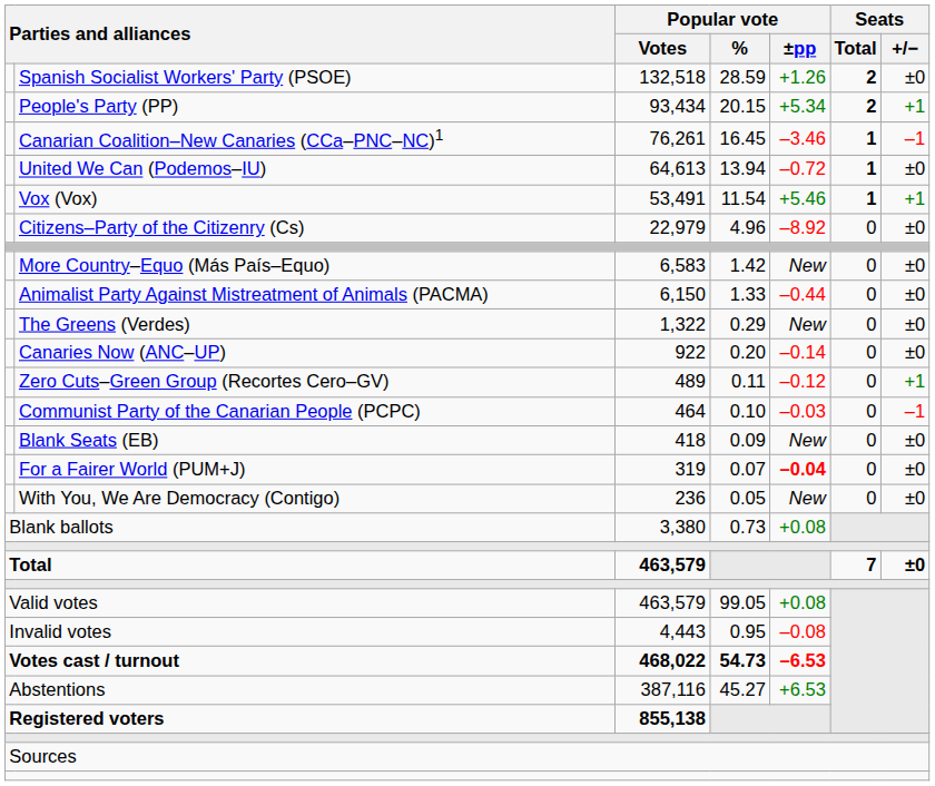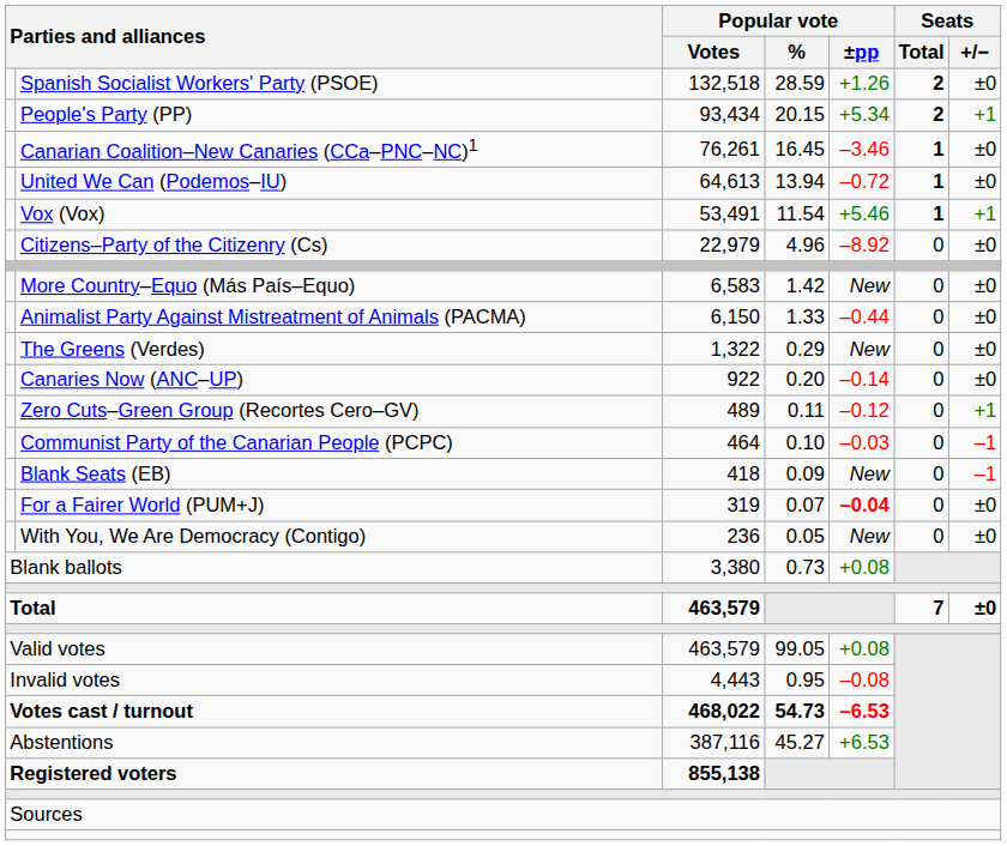 <table class="wikitable" style="text-align:right;">
 <tr>
 <th style="text-align:left;" rowspan="2" colspan="2" width="525">Parties and alliances</th>
 <th colspan="3">Popular vote</th>
 <th colspan="2">Seats</th>
 </tr>
 <tr>
 <th width="75">Votes</th>
 <th width="45">%</th>
 <th width="45">±<a href='#'>pp</a></th>
 <th width="35">Total</th>
 <th width="35">+/−</th>
 </tr>
 <tr>
 <td width="1" style="color:inherit;background:"></td>
 <td align="left"><a href='#'>Spanish Socialist Workers' Party</a> (PSOE)</td>
 <td>132,518</td>
 <td>28.59</td>
 <td style="color:green;">+1.26</td>
 <td><strong>2</strong></td>
 <td>±0</td>
 </tr>
 <tr>
 <td style="color:inherit;background:"></td>
 <td align="left"><a href='#'>People's Party</a> (PP)</td>
 <td>93,434</td>
 <td>20.15</td>
 <td style="color:green;">+5.34</td>
 <td><strong>2</strong></td>
 <td style="color:green;">+1</td>
 </tr>
 <tr>
 <td style="color:inherit;background:"></td>
 <td align="left"><a href='#'>Canarian Coalition–New Canaries</a> (<a href='#'>CCa</a>–<a href='#'>PNC</a>–<a href='#'>NC</a>)<sup>1</sup></td>
 <td>76,261</td>
 <td>16.45</td>
 <td style="color:red;">–3.46</td>
 <td><strong>1</strong></td>
-<td style="color:red;">–1</td>
+<td>±0</td>
 </tr>
 <tr>
 <td style="color:inherit;background:"></td>
 <td align="left"><a href='#'>United We Can</a> (<a href='#'>Podemos</a>–<a href='#'>IU</a>)</td>
 <td>64,613</td>
 <td>13.94</td>
 <td style="color:red;">–0.72</td>
 <td><strong>1</strong></td>
 <td>±0</td>
 </tr>
 <tr>
 <td style="color:inherit;background:"></td>
 <td align="left"><a href='#'>Vox</a> (Vox)</td>
 <td>53,491</td>
 <td>11.54</td>
 <td style="color:green;">+5.46</td>
 <td><strong>1</strong></td>
 <td style="color:green;">+1</td>
 </tr>
 <tr>
 <td style="color:inherit;background:"></td>
 <td align="left"><a href='#'>Citizens–Party of the Citizenry</a> (Cs)</td>
 <td>22,979</td>
 <td>4.96</td>
 <td style="color:red;">–8.92</td>
 <td>0</td>
 <td>±0</td>
 </tr>
 <tr>
 <td colspan="7" bgcolor="#C0C0C0"></td>
 </tr>
 <tr>
 <td style="color:inherit;background:"></td>
 <td align="left"><a href='#'>More Country</a>–<a href='#'>Equo</a> (Más País–Equo)</td>
 <td>6,583</td>
 <td>1.42</td>
 <td><em>New</em></td>
 <td>0</td>
 <td>±0</td>
 </tr>
 <tr>
 <td style="color:inherit;background:"></td>
 <td align="left"><a href='#'>Animalist Party Against Mistreatment of Animals</a> (PACMA)</td>
 <td>6,150</td>
 <td>1.33</td>
 <td style="color:red;">–0.44</td>
 <td>0</td>
 <td>±0</td>
 </tr>
 <tr>
 <td style="color:inherit;background:"></td>
 <td align="left"><a href='#'>The Greens</a> (Verdes)</td>
 <td>1,322</td>
 <td>0.29</td>
 <td><em>New</em></td>
 <td>0</td>
 <td>±0</td>
 </tr>
 <tr>
 <td style="color:inherit;background:"></td>
 <td align="left"><a href='#'>Canaries Now</a> (<a href='#'>ANC</a>–<a href='#'>UP</a>)</td>
 <td>922</td>
 <td>0.20</td>
 <td style="color:red;">–0.14</td>
 <td>0</td>
 <td>±0</td>
 </tr>
 <tr>
 <td style="color:inherit;background:"></td>
 <td align="left"><a href='#'>Zero Cuts</a>–<a href='#'>Green Group</a> (Recortes Cero–GV)</td>
 <td>489</td>
 <td>0.11</td>
 <td style="color:red;">–0.12</td>
 <td>0</td>
 <td style="color:green;">+1</td>
 </tr>
 <tr>
 <td style="color:inherit;background:"></td>
 <td align="left"><a href='#'>Communist Party of the Canarian People</a> (PCPC)</td>
 <td>464</td>
 <td>0.10</td>
 <td style="color:red;">–0.03</td>
 <td>0</td>
 <td style="color:red;">–1</td>
 </tr>
 <tr>
 <td style="color:inherit;background:"></td>
 <td align="left"><a href='#'>Blank Seats</a> (EB)</td>
 <td>418</td>
 <td>0.09</td>
 <td><em>New</em></td>
 <td>0</td>
-<td>±0</td>
+<td style="color:red;">–1</td>
 </tr>
 <tr>
 <td style="color:inherit;background:"></td>
 <td align="left"><a href='#'>For a Fairer World</a> (PUM+J)</td>
 <td>319</td>
 <td>0.07</td>
 <td style="color:red;"><strong>–0.04</strong></td>
 <td>0</td>
 <td>±0</td>
 </tr>
 <tr>
 <td style="color:inherit;background:"></td>
 <td align="left">With You, We Are Democracy (Contigo)</td>
 <td>236</td>
 <td>0.05</td>
 <td><em>New</em></td>
 <td>0</td>
 <td>±0</td>
 </tr>
 <tr>
 <td align="left" colspan="2">Blank ballots</td>
 <td>3,380</td>
 <td>0.73</td>
 <td style="color:green;">+0.08</td>
 <td bgcolor="#E9E9E9" colspan="2"></td>
 </tr>
 <tr>
 <td colspan="7" bgcolor="#E9E9E9"></td>
 </tr>
 <tr style="font-weight:bold;">
 <td align="left" colspan="2">Total</td>
 <td>463,579</td>
 <td bgcolor="#E9E9E9" colspan="2"></td>
 <td>7</td>
 <td>±0</td>
 </tr>
 <tr>
 <td colspan="7" bgcolor="#E9E9E9"></td>
 </tr>
 <tr>
 <td align="left" colspan="2">Valid votes</td>
 <td>463,579</td>
 <td>99.05</td>
 <td style="color:green;">+0.08</td>
 <td bgcolor="#E9E9E9" colspan="2" rowspan="5"></td>
 </tr>
 <tr>
 <td align="left" colspan="2">Invalid votes</td>
 <td>4,443</td>
 <td>0.95</td>
 <td style="color:red;">–0.08</td>
 </tr>
 <tr style="font-weight:bold;">
 <td align="left" colspan="2">Votes cast / turnout</td>
 <td>468,022</td>
 <td>54.73</td>
 <td style="color:red;">–6.53</td>
 </tr>
 <tr>
 <td align="left" colspan="2">Abstentions</td>
 <td>387,116</td>
 <td>45.27</td>
 <td style="color:green;">+6.53</td>
 </tr>
 <tr style="font-weight:bold;">
 <td align="left" colspan="2">Registered voters</td>
 <td>855,138</td>
 <td bgcolor="#E9E9E9" colspan="2"></td>
 </tr>
 <tr>
 <td colspan="7" bgcolor="#E9E9E9"></td>
 </tr>
 <tr>
 <td align="left" colspan="7">Sources</td>
 </tr>
 <tr>
 <td colspan="7" style="text-align:left; max-width:790px;"></td>
 </tr>
 </table>
